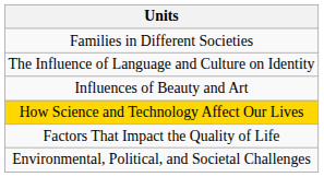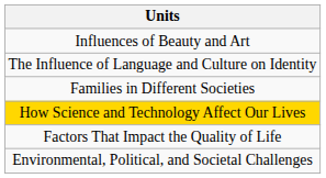 <table class="wikitable" style="text-align:center">
 <tr>
 <th>Units</th>
 </tr>
 <tr>
-<td>Families in Different Societies</td>
+<td>Influences of Beauty and Art</td>
 </tr>
 <tr>
 <td>The Influence of Language and Culture on Identity</td>
 </tr>
 <tr>
-<td>Influences of Beauty and Art</td>
+<td>Families in Different Societies</td>
 </tr>
 <tr>
 <td style="background: gold;">How Science and Technology Affect Our Lives</td>
 </tr>
 <tr>
 <td>Factors That Impact the Quality of Life</td>
 </tr>
 <tr>
 <td>Environmental, Political, and Societal Challenges</td>
 </tr>
 </table>
